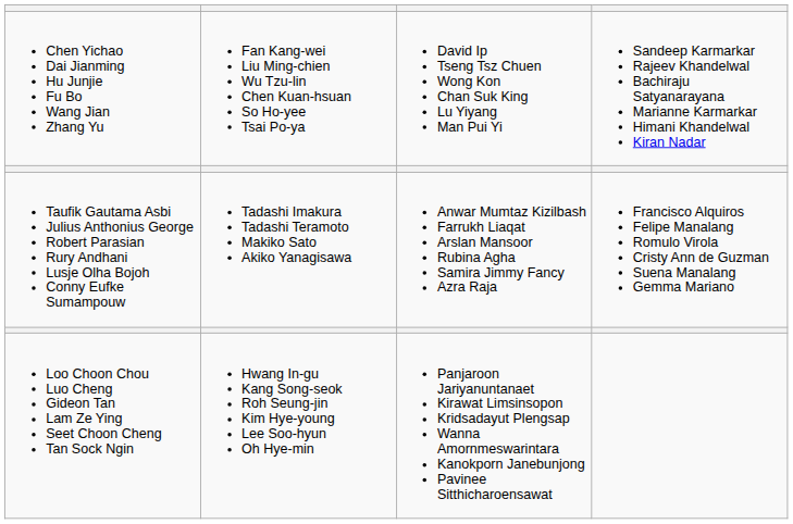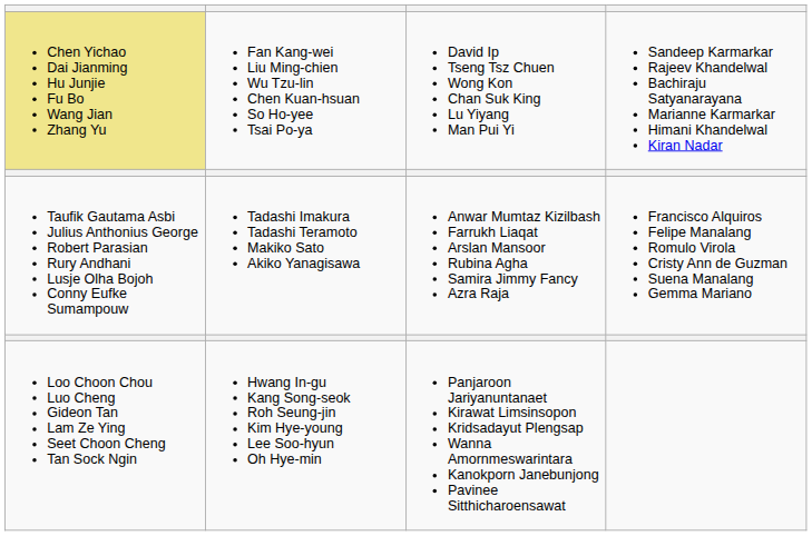 <table class="wikitable" style="font-size:90%">
 <tr>
 <th width=200></th>
 <th width=200></th>
 <th width=200></th>
 <th width=200></th>
 </tr>
 <tr>
-<td valign=top><br><ul><li>Chen Yichao</li><li>Dai Jianming</li><li>Hu Junjie</li><li>Fu Bo</li><li>Wang Jian</li><li>Zhang Yu</li></ul></td>
+<td valign=top style="background: khaki;"><br><ul><li>Chen Yichao</li><li>Dai Jianming</li><li>Hu Junjie</li><li>Fu Bo</li><li>Wang Jian</li><li>Zhang Yu</li></ul></td>
 <td valign=top><br><ul><li>Fan Kang-wei</li><li>Liu Ming-chien</li><li>Wu Tzu-lin</li><li>Chen Kuan-hsuan</li><li>So Ho-yee</li><li>Tsai Po-ya</li></ul></td>
 <td valign=top><br><ul><li>David Ip</li><li>Tseng Tsz Chuen</li><li>Wong Kon</li><li>Chan Suk King</li><li>Lu Yiyang</li><li>Man Pui Yi</li></ul></td>
 <td valign=top><br><ul><li>Sandeep Karmarkar</li><li>Rajeev Khandelwal</li><li>Bachiraju Satyanarayana</li><li>Marianne Karmarkar</li><li>Himani Khandelwal</li><li><a href='#'>Kiran Nadar</a></li></ul></td>
 </tr>
 <tr>
 <th></th>
 <th></th>
 <th></th>
 <th></th>
 </tr>
 <tr>
 <td valign=top><br><ul><li>Taufik Gautama Asbi</li><li>Julius Anthonius George</li><li>Robert Parasian</li><li>Rury Andhani</li><li>Lusje Olha Bojoh</li><li>Conny Eufke Sumampouw</li></ul></td>
 <td valign=top><br><ul><li>Tadashi Imakura</li><li>Tadashi Teramoto</li><li>Makiko Sato</li><li>Akiko Yanagisawa</li></ul></td>
 <td valign=top><br><ul><li>Anwar Mumtaz Kizilbash</li><li>Farrukh Liaqat</li><li>Arslan Mansoor</li><li>Rubina Agha</li><li>Samira Jimmy Fancy</li><li>Azra Raja</li></ul></td>
 <td valign=top><br><ul><li>Francisco Alquiros</li><li>Felipe Manalang</li><li>Romulo Virola</li><li>Cristy Ann de Guzman</li><li>Suena Manalang</li><li>Gemma Mariano</li></ul></td>
 </tr>
 <tr>
 <th></th>
 <th></th>
 <th></th>
 <th></th>
 </tr>
 <tr>
 <td valign=top><br><ul><li>Loo Choon Chou</li><li>Luo Cheng</li><li>Gideon Tan</li><li>Lam Ze Ying</li><li>Seet Choon Cheng</li><li>Tan Sock Ngin</li></ul></td>
 <td valign=top><br><ul><li>Hwang In-gu</li><li>Kang Song-seok</li><li>Roh Seung-jin</li><li>Kim Hye-young</li><li>Lee Soo-hyun</li><li>Oh Hye-min</li></ul></td>
 <td valign=top><br><ul><li>Panjaroon Jariyanuntanaet</li><li>Kirawat Limsinsopon</li><li>Kridsadayut Plengsap</li><li>Wanna Amornmeswarintara</li><li>Kanokporn Janebunjong</li><li>Pavinee Sitthicharoensawat</li></ul></td>
 <td valign=top></td>
 </tr>
 </table>
